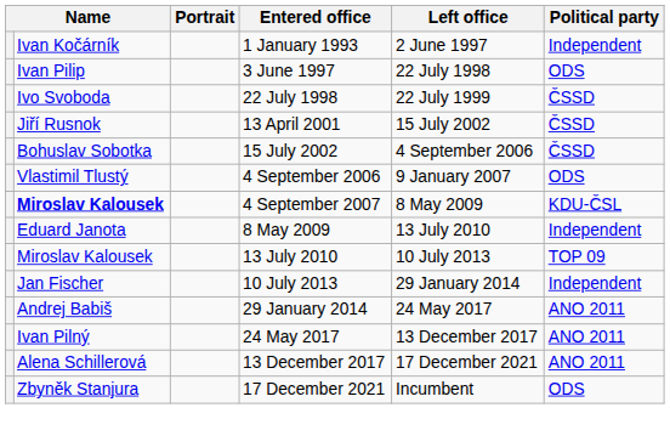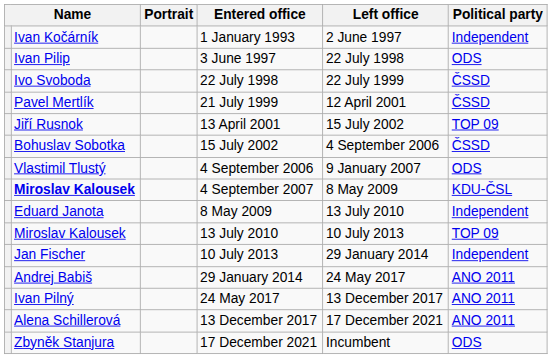 <table class="wikitable" width=50%>
 <tr>
 <th colspan=2>Name</th>
 <th>Portrait</th>
 <th>Entered office</th>
 <th>Left office</th>
 <th>Political party</th>
 </tr>
 <tr>
 <th style="background-color: "></th>
 <td><a href='#'>Ivan Kočárník</a></td>
 <td></td>
 <td>1 January 1993</td>
 <td>2 June 1997</td>
 <td><a href='#'>Independent</a></td>
 </tr>
 <tr>
 <th style="background-color: "></th>
 <td><a href='#'>Ivan Pilip</a></td>
 <td></td>
 <td>3 June 1997</td>
 <td>22 July 1998</td>
 <td><a href='#'>ODS</a></td>
 </tr>
 <tr>
 <th style="background-color: "></th>
 <td><a href='#'>Ivo Svoboda</a></td>
 <td></td>
 <td>22 July 1998</td>
 <td>22 July 1999</td>
 <td><a href='#'>ČSSD</a></td>
 </tr>
 <tr>
 <th style="background-color: "></th>
+<td><a href='#'>Pavel Mertlík</a></td>
+<td></td>
+<td>21 July 1999</td>
+<td>12 April 2001</td>
+<td><a href='#'>ČSSD</a></td>
+</tr>
+<tr>
+<th style="background-color: "></th>
 <td><a href='#'>Jiří Rusnok</a></td>
 <td></td>
 <td>13 April 2001</td>
 <td>15 July 2002</td>
-<td><a href='#'>ČSSD</a></td>
+<td><a href='#'>TOP 09</a></td>
 </tr>
 <tr>
 <th style="background-color: "></th>
 <td><a href='#'>Bohuslav Sobotka</a></td>
 <td></td>
 <td>15 July 2002</td>
 <td>4 September 2006</td>
 <td><a href='#'>ČSSD</a></td>
 </tr>
 <tr>
 <th style="background-color: "></th>
 <td><a href='#'>Vlastimil Tlustý</a></td>
 <td></td>
 <td>4 September 2006</td>
 <td>9 January 2007</td>
 <td><a href='#'>ODS</a></td>
 </tr>
 <tr>
 <th style="background-color: "></th>
 <td><strong><a href='#'>Miroslav Kalousek</a></strong></td>
 <td></td>
 <td>4 September 2007</td>
 <td>8 May 2009</td>
 <td><a href='#'>KDU-ČSL</a></td>
 </tr>
 <tr>
 <th style="background-color: "></th>
 <td><a href='#'>Eduard Janota</a></td>
 <td></td>
 <td>8 May 2009</td>
 <td>13 July 2010</td>
 <td><a href='#'>Independent</a></td>
 </tr>
 <tr>
 <th style="background-color: "></th>
 <td><a href='#'>Miroslav Kalousek</a></td>
 <td></td>
 <td>13 July 2010</td>
 <td>10 July 2013</td>
 <td><a href='#'>TOP 09</a></td>
 </tr>
 <tr>
 <th style="background-color: "></th>
 <td><a href='#'>Jan Fischer</a></td>
 <td></td>
 <td>10 July 2013</td>
 <td>29 January 2014</td>
 <td><a href='#'>Independent</a></td>
 </tr>
 <tr>
 <th style="background-color: "></th>
 <td><a href='#'>Andrej Babiš</a></td>
 <td></td>
 <td>29 January 2014</td>
 <td>24 May 2017</td>
 <td><a href='#'>ANO 2011</a></td>
 </tr>
 <tr>
 <th style="background-color: "></th>
 <td><a href='#'>Ivan Pilný</a></td>
 <td></td>
 <td>24 May 2017</td>
 <td>13 December 2017</td>
 <td><a href='#'>ANO 2011</a></td>
 </tr>
 <tr>
 <th style="background-color: "></th>
 <td><a href='#'>Alena Schillerová</a></td>
 <td></td>
 <td>13 December 2017</td>
 <td>17 December 2021</td>
 <td><a href='#'>ANO 2011</a></td>
 </tr>
 <tr>
 <th style="background-color: "></th>
 <td><a href='#'>Zbyněk Stanjura</a></td>
 <td></td>
 <td>17 December 2021</td>
 <td>Incumbent</td>
 <td><a href='#'>ODS</a></td>
 </tr>
 </table>
